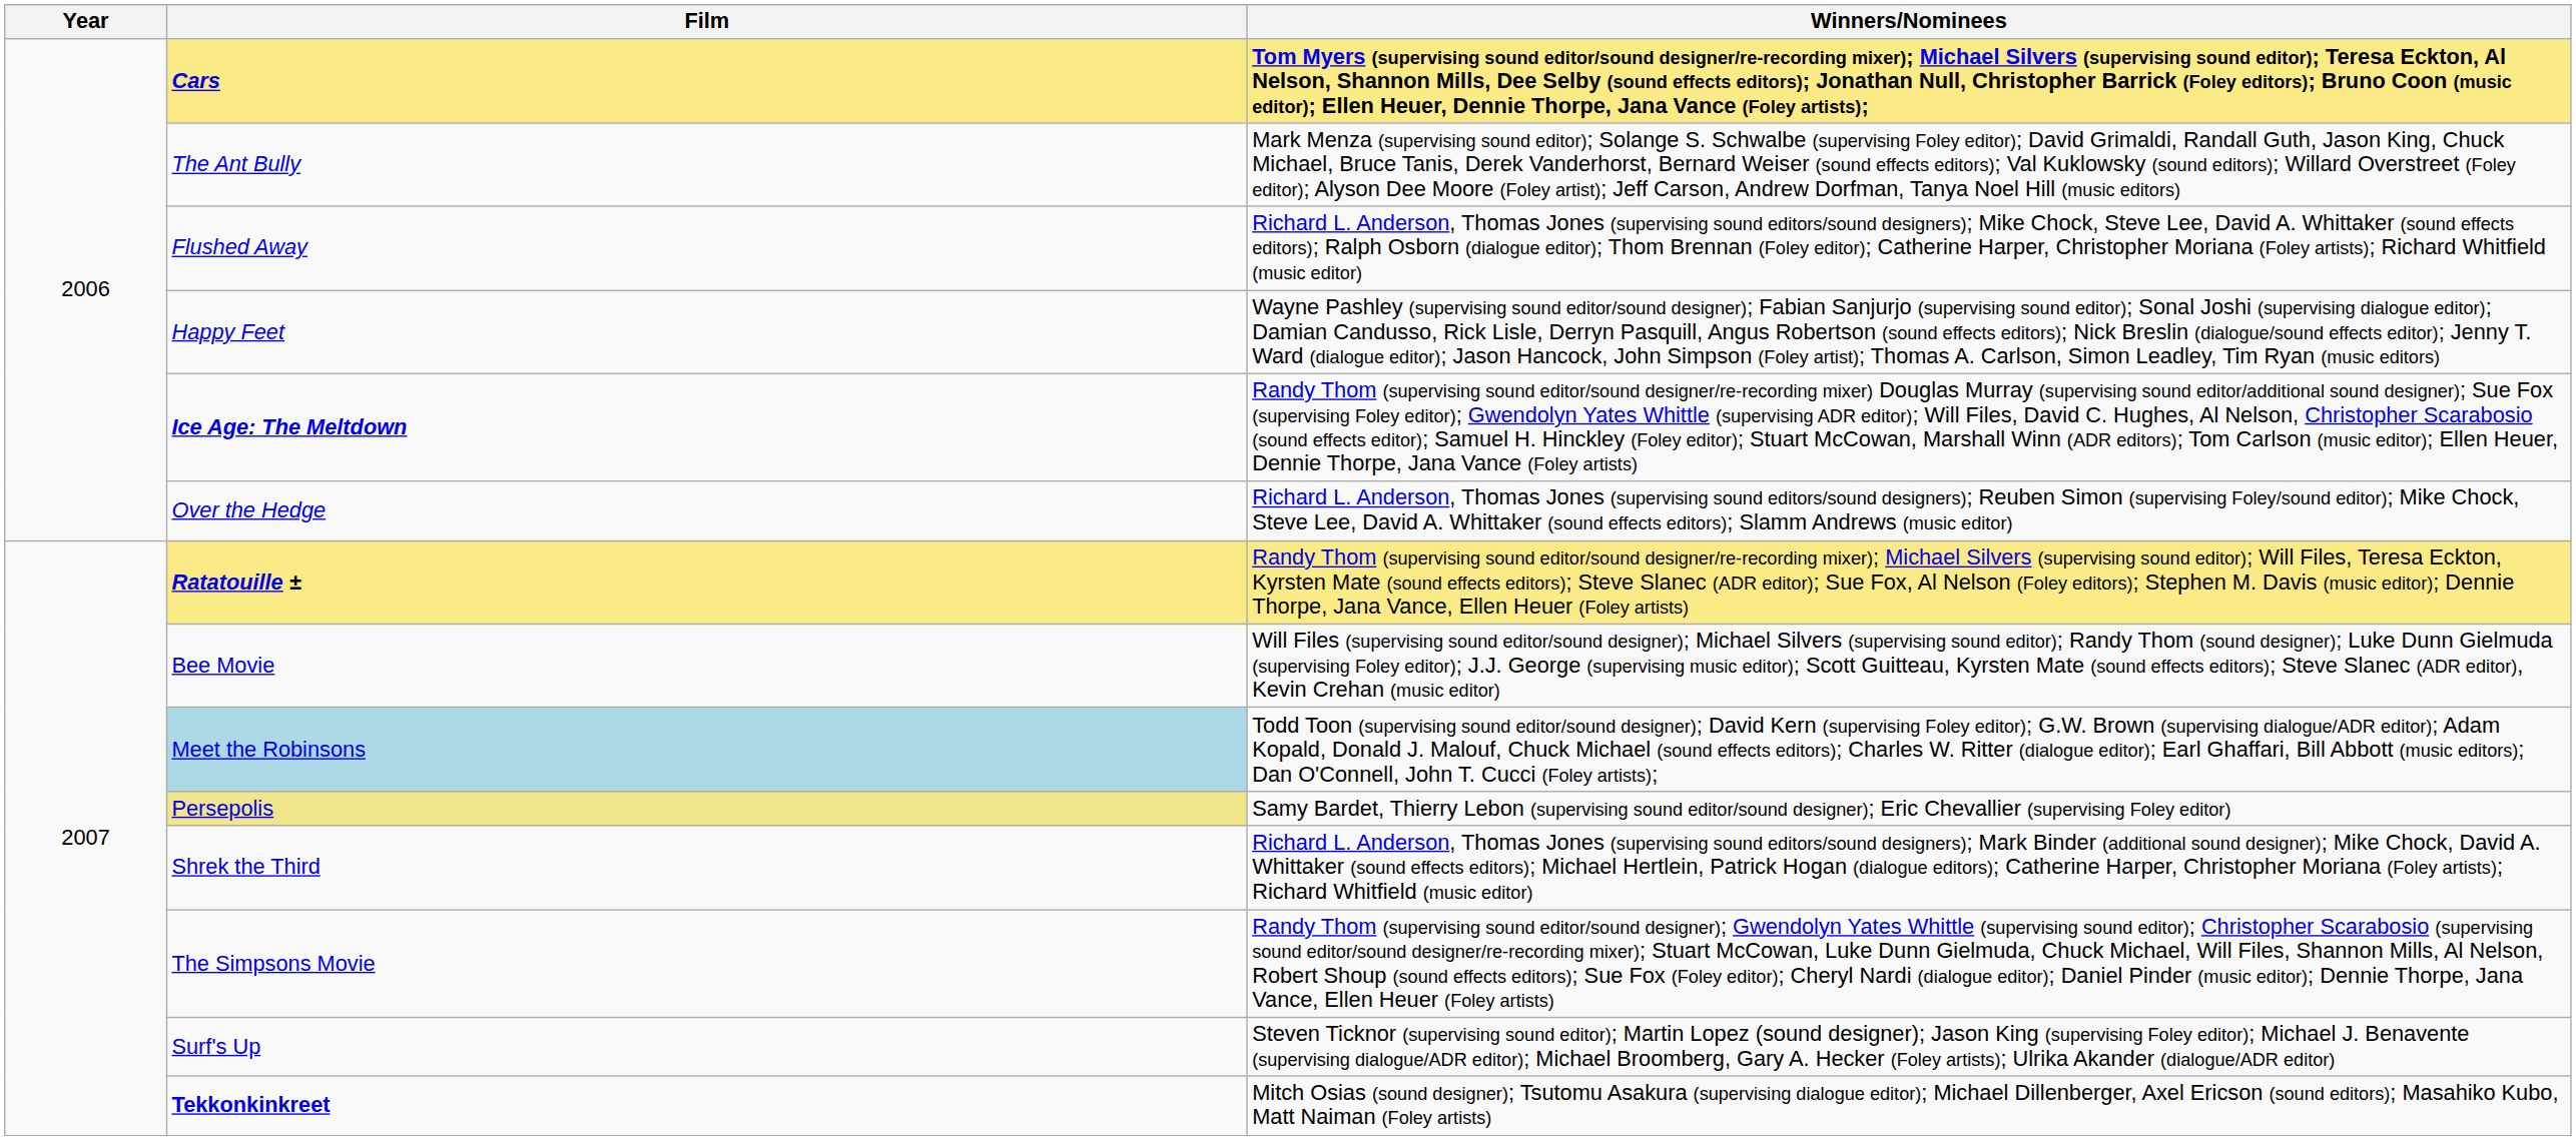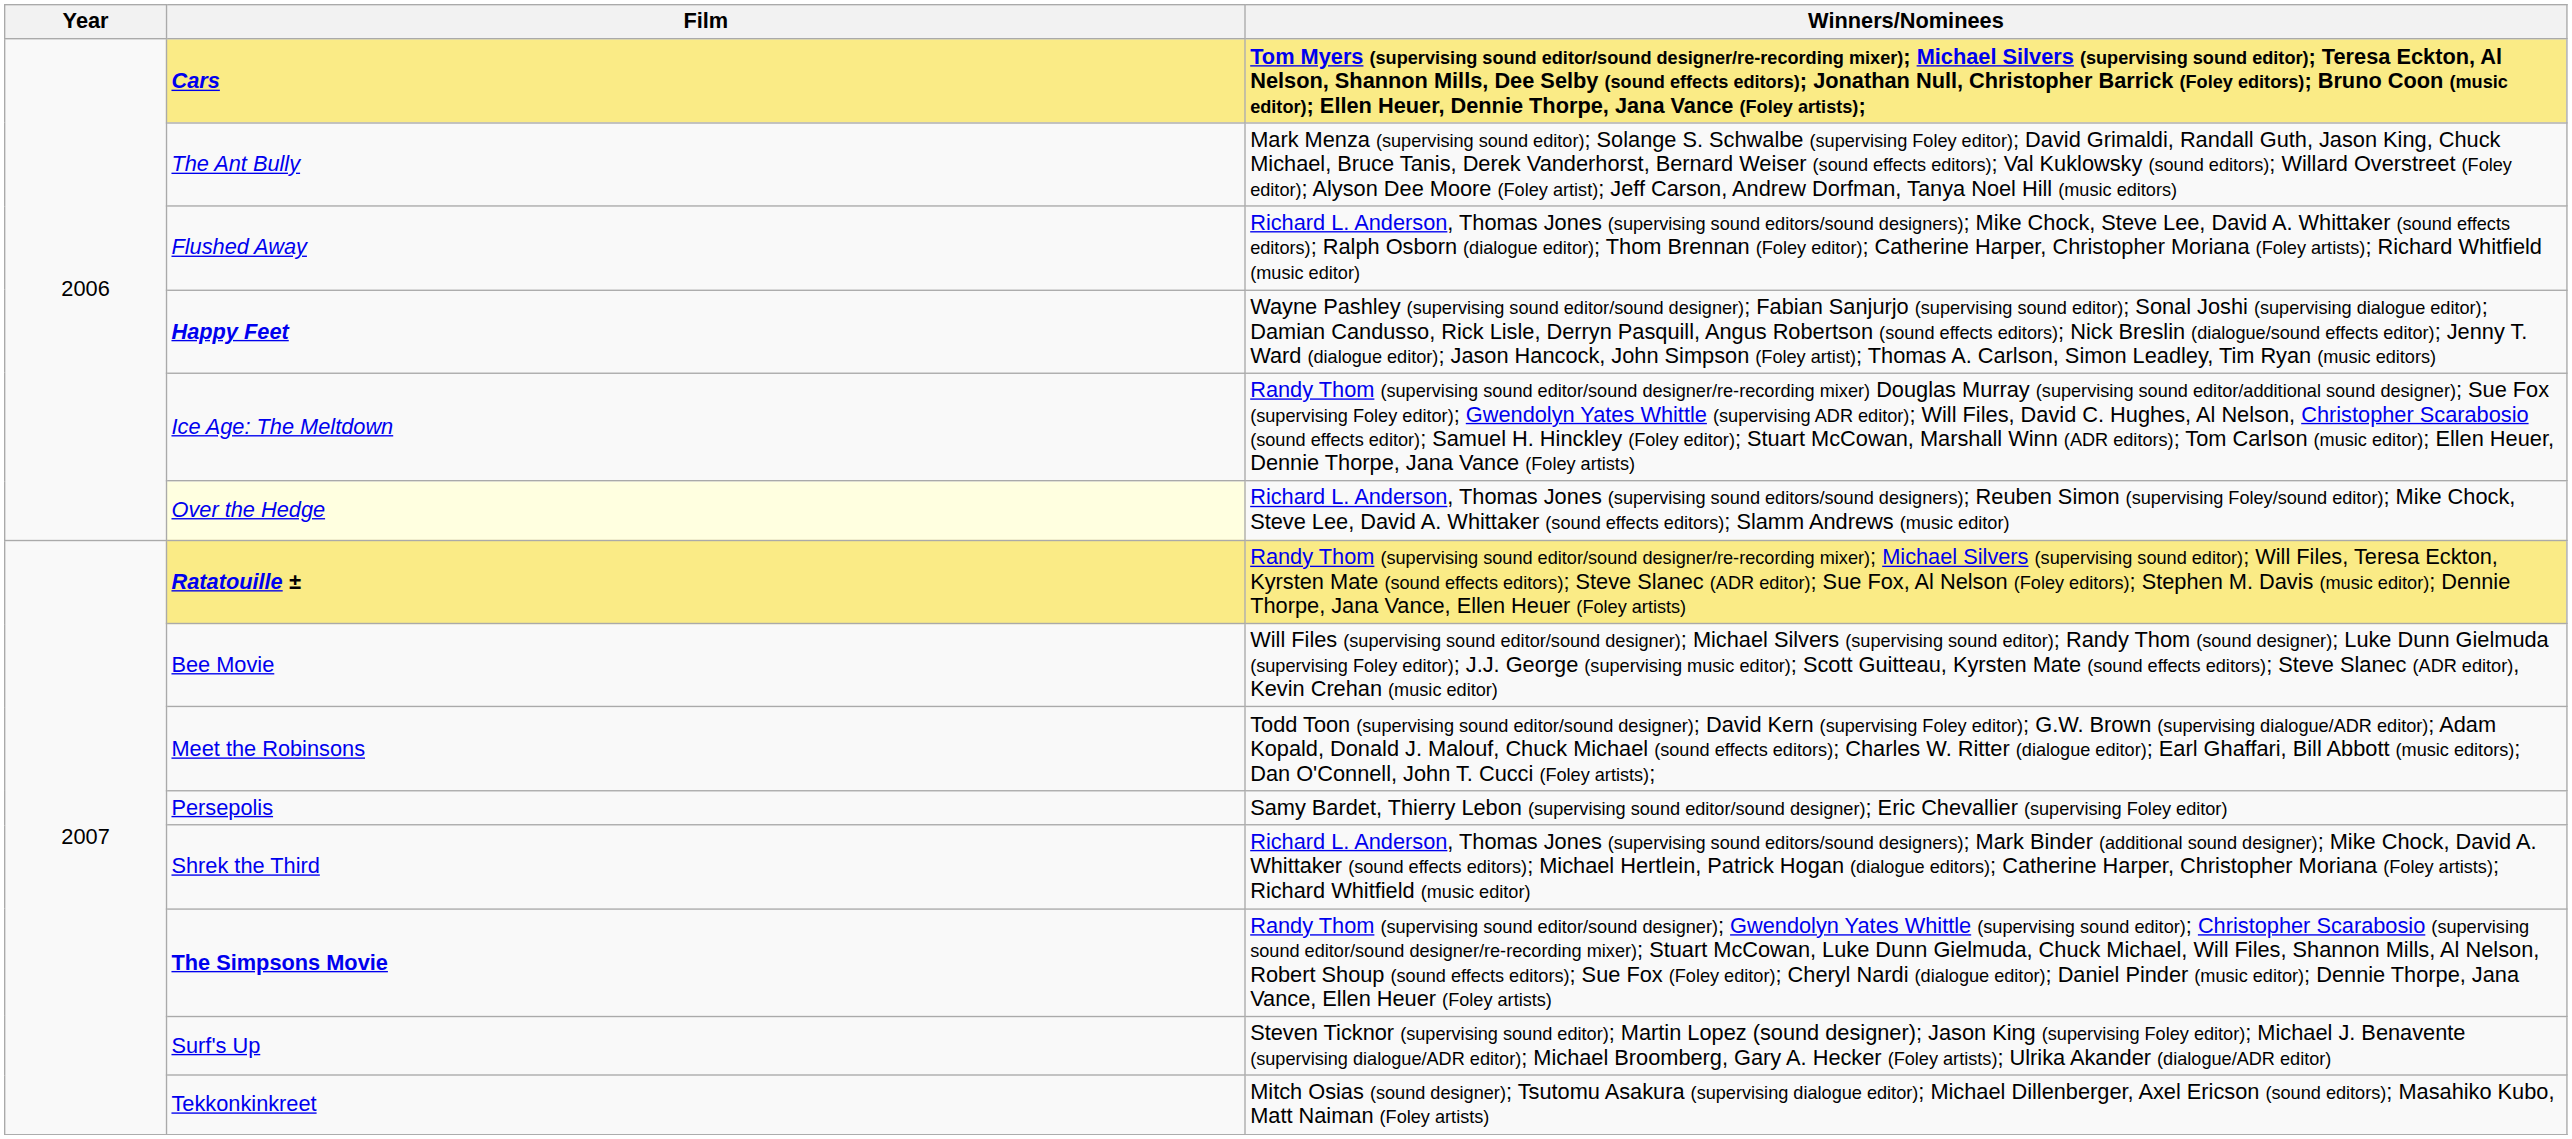 <table class="wikitable" width="95%" cellpadding="5">
 <tr>
 <th width="6%">Year</th>
 <th width="40%">Film</th>
 <th width="49%">Winners/Nominees</th>
 </tr>
 <tr>
 <td rowspan=6 style="text-align:center">2006<br></td>
 <td style="background:#FAEB86;"><strong><em><a href='#'>Cars</a></em></strong></td>
 <td style="background:#FAEB86;"><strong><a href='#'>Tom Myers</a> <small>(supervising sound editor/sound designer/re-recording mixer)</small>; <a href='#'>Michael Silvers</a> <small>(supervising sound editor)</small>; Teresa Eckton, Al Nelson, Shannon Mills, Dee Selby <small>(sound effects editors)</small>; Jonathan Null, Christopher Barrick <small>(Foley editors)</small>; Bruno Coon <small>(music editor)</small>; Ellen Heuer, Dennie Thorpe, Jana Vance <small>(Foley artists)</small>;</strong></td>
 </tr>
 <tr>
 <td><em><a href='#'>The Ant Bully</a></em></td>
 <td>Mark Menza <small>(supervising sound editor)</small>; Solange S. Schwalbe <small>(supervising Foley editor)</small>; David Grimaldi, Randall Guth, Jason King, Chuck Michael, Bruce Tanis, Derek Vanderhorst, Bernard Weiser <small>(sound effects editors)</small>; Val Kuklowsky <small>(sound editors)</small>; Willard Overstreet <small>(Foley editor)</small>; Alyson Dee Moore <small>(Foley artist)</small>; Jeff Carson, Andrew Dorfman, Tanya Noel Hill <small>(music editors)</small></td>
 </tr>
 <tr>
 <td><em><a href='#'>Flushed Away</a></em></td>
 <td><a href='#'>Richard L. Anderson</a>, Thomas Jones <small>(supervising sound editors/sound designers)</small>; Mike Chock, Steve Lee, David A. Whittaker <small>(sound effects editors)</small>; Ralph Osborn <small>(dialogue editor)</small>; Thom Brennan <small>(Foley editor)</small>; Catherine Harper, Christopher Moriana <small>(Foley artists)</small>; Richard Whitfield <small>(music editor)</small></td>
 </tr>
 <tr>
-<td><em><a href='#'>Happy Feet</a></em></td>
+<td><strong><em><a href='#'>Happy Feet</a></em></strong></td>
 <td>Wayne Pashley <small>(supervising sound editor/sound designer)</small>; Fabian Sanjurjo <small>(supervising sound editor)</small>; Sonal Joshi <small>(supervising dialogue editor)</small>; Damian Candusso, Rick Lisle, Derryn Pasquill, Angus Robertson <small>(sound effects editors)</small>; Nick Breslin <small>(dialogue/sound effects editor)</small>; Jenny T. Ward <small>(dialogue editor)</small>; Jason Hancock, John Simpson <small>(Foley artist)</small>; Thomas A. Carlson, Simon Leadley, Tim Ryan <small>(music editors)</small></td>
 </tr>
 <tr>
-<td><strong><em><a href='#'>Ice Age: The Meltdown</a></em></strong></td>
+<td><em><a href='#'>Ice Age: The Meltdown</a></em></td>
 <td><a href='#'>Randy Thom</a> <small>(supervising sound editor/sound designer/re-recording mixer)</small> Douglas Murray <small>(supervising sound editor/additional sound designer)</small>; Sue Fox <small>(supervising Foley editor)</small>; <a href='#'>Gwendolyn Yates Whittle</a> <small>(supervising ADR editor)</small>; Will Files, David C. Hughes, Al Nelson, <a href='#'>Christopher Scarabosio</a> <small>(sound effects editor)</small>; Samuel H. Hinckley <small>(Foley editor)</small>; Stuart McCowan, Marshall Winn <small>(ADR editors)</small>; Tom Carlson <small>(music editor)</small>; Ellen Heuer, Dennie Thorpe, Jana Vance <small>(Foley artists)</small></td>
 </tr>
 <tr>
-<td><em><a href='#'>Over the Hedge</a></em></td>
+<td style="background: lightyellow;"><em><a href='#'>Over the Hedge</a></em></td>
 <td><a href='#'>Richard L. Anderson</a>, Thomas Jones <small>(supervising sound editors/sound designers)</small>; Reuben Simon <small>(supervising Foley/sound editor)</small>; Mike Chock, Steve Lee, David A. Whittaker <small>(sound effects editors)</small>; Slamm Andrews <small>(music editor)</small></td>
 </tr>
 <tr>
 <td rowspan=8 style="text-align:center">2007<br></td>
 <td style="background:#FAEB86;"><strong><em><a href='#'>Ratatouille</a><em> <strong>±</td>
 <td style="background:#FAEB86;"></strong><a href='#'>Randy Thom</a> <small>(supervising sound editor/sound designer/re-recording mixer)</small>; <a href='#'>Michael Silvers</a> <small>(supervising sound editor)</small>; Will Files, Teresa Eckton, Kyrsten Mate <small>(sound effects editors)</small>; Steve Slanec <small>(ADR editor)</small>; Sue Fox, Al Nelson <small>(Foley editors)</small>; Stephen M. Davis <small>(music editor)</small>; Dennie Thorpe, Jana Vance, Ellen Heuer <small>(Foley artists)</small><strong></td>
 </tr>
 <tr>
 <td></em><a href='#'>Bee Movie</a><em></td>
 <td>Will Files <small>(supervising sound editor/sound designer)</small>; Michael Silvers <small>(supervising sound editor)</small>; Randy Thom <small>(sound designer)</small>; Luke Dunn Gielmuda <small>(supervising Foley editor)</small>; J.J. George <small>(supervising music editor)</small>; Scott Guitteau, Kyrsten Mate <small>(sound effects editors)</small>; Steve Slanec <small>(ADR editor)</small>, Kevin Crehan <small>(music editor)</small></td>
 </tr>
 <tr>
-<td style="background: lightblue;"></em><a href='#'>Meet the Robinsons</a><em></td>
+<td></em><a href='#'>Meet the Robinsons</a><em></td>
 <td>Todd Toon <small>(supervising sound editor/sound designer)</small>; David Kern <small>(supervising Foley editor)</small>; G.W. Brown <small>(supervising dialogue/ADR editor)</small>; Adam Kopald, Donald J. Malouf, Chuck Michael <small>(sound effects editors)</small>; Charles W. Ritter <small>(dialogue editor)</small>; Earl Ghaffari, Bill Abbott <small>(music editors)</small>; Dan O'Connell, John T. Cucci <small>(Foley artists)</small>;</td>
 </tr>
 <tr>
-<td style="background: khaki;"></em><a href='#'>Persepolis</a><em></td>
+<td></em><a href='#'>Persepolis</a><em></td>
 <td>Samy Bardet, Thierry Lebon <small>(supervising sound editor/sound designer)</small>; Eric Chevallier <small>(supervising Foley editor)</small></td>
 </tr>
 <tr>
 <td></em><a href='#'>Shrek the Third</a><em></td>
 <td><a href='#'>Richard L. Anderson</a>, Thomas Jones <small>(supervising sound editors/sound designers)</small>; Mark Binder <small>(additional sound designer)</small>; Mike Chock, David A. Whittaker <small>(sound effects editors)</small>; Michael Hertlein, Patrick Hogan <small>(dialogue editors)</small>; Catherine Harper, Christopher Moriana <small>(Foley artists)</small>; Richard Whitfield <small>(music editor)</small></td>
 </tr>
 <tr>
-<td></em><a href='#'>The Simpsons Movie</a><em></td>
+<td><strong></em><a href='#'>The Simpsons Movie</a><em></strong></td>
 <td><a href='#'>Randy Thom</a> <small>(supervising sound editor/sound designer)</small>; <a href='#'>Gwendolyn Yates Whittle</a> <small>(supervising sound editor)</small>; <a href='#'>Christopher Scarabosio</a> <small>(supervising sound editor/sound designer/re-recording mixer)</small>; Stuart McCowan, Luke Dunn Gielmuda, Chuck Michael, Will Files, Shannon Mills, Al Nelson, Robert Shoup <small>(sound effects editors)</small>; Sue Fox <small>(Foley editor)</small>; Cheryl Nardi <small>(dialogue editor)</small>; Daniel Pinder <small>(music editor)</small>; Dennie Thorpe, Jana Vance, Ellen Heuer <small>(Foley artists)</small></td>
 </tr>
 <tr>
 <td></em><a href='#'>Surf's Up</a><em></td>
 <td>Steven Ticknor <small>(supervising sound editor)</small>; Martin Lopez (sound designer); Jason King <small>(supervising Foley editor)</small>; Michael J. Benavente <small>(supervising dialogue/ADR editor)</small>; Michael Broomberg, Gary A. Hecker <small>(Foley artists)</small>; Ulrika Akander <small>(dialogue/ADR editor)</small></td>
 </tr>
 <tr>
-<td><strong></em><a href='#'>Tekkonkinkreet</a><em></strong></td>
+<td></em><a href='#'>Tekkonkinkreet</a><em></td>
 <td>Mitch Osias <small>(sound designer)</small>; Tsutomu Asakura <small>(supervising dialogue editor)</small>; Michael Dillenberger, Axel Ericson <small>(sound editors)</small>; Masahiko Kubo, Matt Naiman <small>(Foley artists)</small></td>
 </tr>
 <tr>
 </tr>
 </table>
